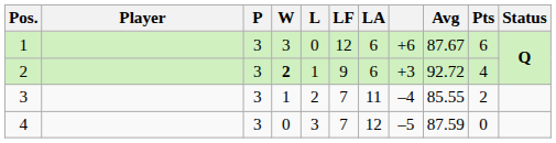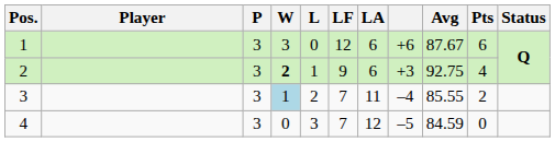 <table class="wikitable" style="text-align:center; margin: 1em auto 1em auto, align:left">
 <tr>
 <th width=20>Pos.</th>
 <th width=185>Player</th>
 <th width=20>P</th>
 <th width=20>W</th>
 <th width=20>L</th>
 <th width=20>LF</th>
 <th width=20>LA</th>
 <th width=25></th>
 <th width=30>Avg</th>
 <th width=20>Pts</th>
 <th width=40>Status</th>
 </tr>
 <tr style="background:#D0F0C0;">
 <td>1</td>
 <td align=left></td>
 <td>3</td>
 <td>3</td>
 <td>0</td>
 <td>12</td>
 <td>6</td>
 <td>+6</td>
 <td>87.67</td>
 <td>6</td>
 <td rowspan=2><strong>Q</strong></td>
 </tr>
 <tr style="background:#D0F0C0;">
 <td>2</td>
 <td align=left></td>
 <td>3</td>
 <td><strong>2</strong></td>
 <td>1</td>
 <td>9</td>
 <td>6</td>
 <td>+3</td>
-<td>92.72</td>
+<td>92.75</td>
 <td>4</td>
 </tr>
 <tr>
 <td>3</td>
 <td align=left></td>
 <td>3</td>
-<td>1</td>
+<td style="background: lightblue;">1</td>
 <td>2</td>
 <td>7</td>
 <td>11</td>
 <td>–4</td>
 <td>85.55</td>
 <td>2</td>
 <td></td>
 </tr>
 <tr>
 <td>4</td>
 <td align=left></td>
 <td>3</td>
 <td>0</td>
 <td>3</td>
 <td>7</td>
 <td>12</td>
 <td>–5</td>
-<td>87.59</td>
+<td>84.59</td>
 <td>0</td>
 <td></td>
 </tr>
 </table>
